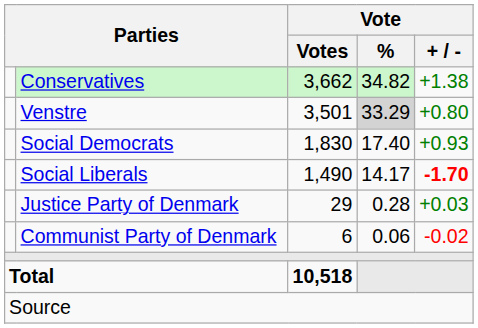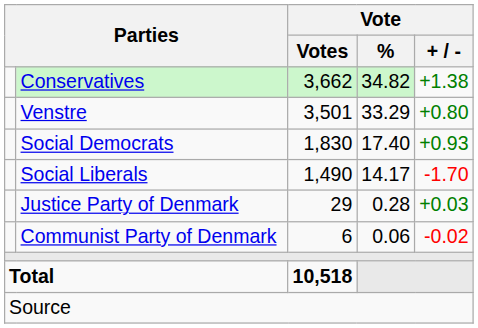 <table class="wikitable" style="text-align:right;">
 <tr>
 <th style="text-align:centre;" rowspan="2" colspan="2" width="225">Parties</th>
 <th colspan="3">Vote</th>
 </tr>
 <tr>
 <th width="15">Votes</th>
 <th width="15">%</th>
 <th width="15">+ / -</th>
 </tr>
 <tr>
 <td width="2" style="color:inherit;background:"></td>
 <td bgcolor=#ccf7cc  align="left"><a href='#'>Conservatives</a></td>
 <td bgcolor=#ccf7cc>3,662</td>
 <td bgcolor=#ccf7cc>34.82</td>
 <td style=color:green;>+1.38</td>
 </tr>
 <tr>
 <td width="2" style="color:inherit;background:"></td>
 <td align="left"><a href='#'>Venstre</a></td>
 <td>3,501</td>
-<td style="background: lightgrey;">33.29</td>
+<td>33.29</td>
 <td style=color:green;>+0.80</td>
 </tr>
 <tr>
 <td width="2" style="color:inherit;background:"></td>
 <td align="left"><a href='#'>Social Democrats</a></td>
 <td>1,830</td>
 <td>17.40</td>
 <td style=color:green;>+0.93</td>
 </tr>
 <tr>
 <td width="2" style="color:inherit;background:"></td>
 <td align="left"><a href='#'>Social Liberals</a></td>
 <td>1,490</td>
 <td>14.17</td>
-<td style=color:red;><strong>-1.70</strong></td>
+<td style=color:red;>-1.70</td>
 </tr>
 <tr>
 <td width="2" style="color:inherit;background:"></td>
 <td align="left"><a href='#'>Justice Party of Denmark</a></td>
 <td>29</td>
 <td>0.28</td>
 <td style=color:green;>+0.03</td>
 </tr>
 <tr>
 <td width="2" style="color:inherit;background:"></td>
 <td align="left"><a href='#'>Communist Party of Denmark</a></td>
 <td>6</td>
 <td>0.06</td>
 <td style=color:red;>-0.02</td>
 </tr>
 <tr>
 <td colspan="7" bgcolor="#E9E9E9"></td>
 </tr>
 <tr>
 <td align="left" colspan="2"><strong>Total</strong></td>
 <td><strong>10,518</strong></td>
 <td bgcolor="#E9E9E9" colspan="2"></td>
 </tr>
 <tr>
 <td align="left" colspan="6">Source</td>
 </tr>
 </table>
